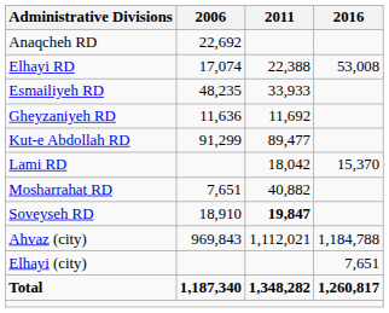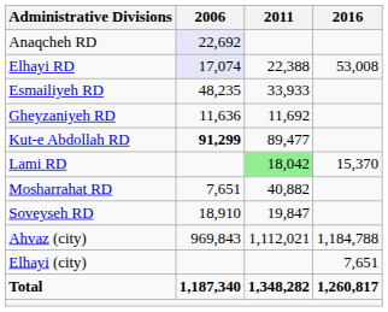 <table class="wikitable">
 <tr>
 <th>Administrative Divisions</th>
 <th>2006</th>
 <th>2011</th>
 <th>2016</th>
 </tr>
 <tr>
 <td>Anaqcheh RD</td>
-<td style="text-align: right;">22,692</td>
+<td style="background: lavender; text-align: right;">22,692</td>
 <td style="text-align: right;"></td>
 <td style="text-align: right;"></td>
 </tr>
 <tr>
 <td><a href='#'>Elhayi RD</a></td>
-<td style="text-align: right;">17,074</td>
+<td style="background: lavender; text-align: right;">17,074</td>
 <td style="text-align: right;">22,388</td>
 <td style="text-align: right;">53,008</td>
 </tr>
 <tr>
 <td><a href='#'>Esmailiyeh RD</a></td>
 <td style="text-align: right;">48,235</td>
 <td style="text-align: right;">33,933</td>
 <td style="text-align: right;"></td>
 </tr>
 <tr>
 <td><a href='#'>Gheyzaniyeh RD</a></td>
 <td style="text-align: right;">11,636</td>
 <td style="text-align: right;">11,692</td>
 <td style="text-align: right;"></td>
 </tr>
 <tr>
 <td><a href='#'>Kut-e Abdollah RD</a></td>
-<td style="text-align: right;">91,299</td>
+<td style="text-align: right;"><strong>91,299</strong></td>
 <td style="text-align: right;">89,477</td>
 <td style="text-align: right;"></td>
 </tr>
 <tr>
 <td><a href='#'>Lami RD</a></td>
 <td style="text-align: right;"></td>
-<td style="text-align: right;">18,042</td>
+<td style="background: lightgreen; text-align: right;">18,042</td>
 <td style="text-align: right;">15,370</td>
 </tr>
 <tr>
 <td><a href='#'>Mosharrahat RD</a></td>
 <td style="text-align: right;">7,651</td>
 <td style="text-align: right;">40,882</td>
 <td style="text-align: right;"></td>
 </tr>
 <tr>
 <td><a href='#'>Soveyseh RD</a></td>
 <td style="text-align: right;">18,910</td>
-<td style="text-align: right;"><strong>19,847</strong></td>
+<td style="text-align: right;">19,847</td>
 <td style="text-align: right;"></td>
 </tr>
 <tr>
 <td><a href='#'>Ahvaz</a> (city)</td>
 <td style="text-align: right;">969,843</td>
 <td style="text-align: right;">1,112,021</td>
 <td style="text-align: right;">1,184,788</td>
 </tr>
 <tr>
 <td><a href='#'>Elhayi</a> (city)</td>
 <td style="text-align: right;"></td>
 <td style="text-align: right;"></td>
 <td style="text-align: right;">7,651</td>
 </tr>
 <tr>
 <td><strong>Total</strong></td>
 <td style="text-align: right;"><strong>1,187,340</strong></td>
 <td style="text-align: right;"><strong>1,348,282</strong></td>
 <td style="text-align: right;"><strong>1,260,817</strong></td>
 </tr>
 <tr>
 <td colspan=4></td>
 </tr>
 </table>
